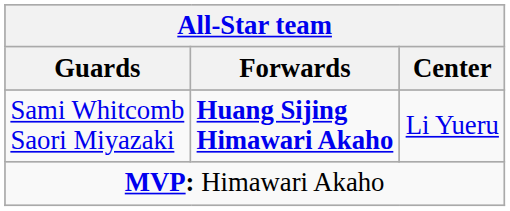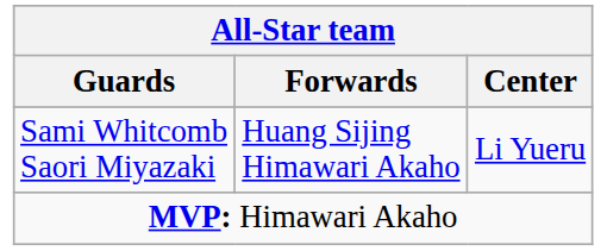 <table class=wikitable style="margin:auto">
 <tr>
 <th colspan=3 align=center><a href='#'>All-Star team</a></th>
 </tr>
 <tr>
 <th>Guards</th>
 <th>Forwards</th>
 <th>Center</th>
 </tr>
 <tr>
 <td> <a href='#'>Sami Whitcomb</a><br> <a href='#'>Saori Miyazaki</a></td>
-<td><strong> <a href='#'>Huang Sijing</a><br> <a href='#'>Himawari Akaho</a></strong></td>
+<td> <a href='#'>Huang Sijing</a><br> <a href='#'>Himawari Akaho</a></td>
 <td> <a href='#'>Li Yueru</a></td>
 </tr>
 <tr>
 <td colspan=3 align=center><strong><a href='#'>MVP</a>:</strong>  Himawari Akaho</td>
 </tr>
 </table>
